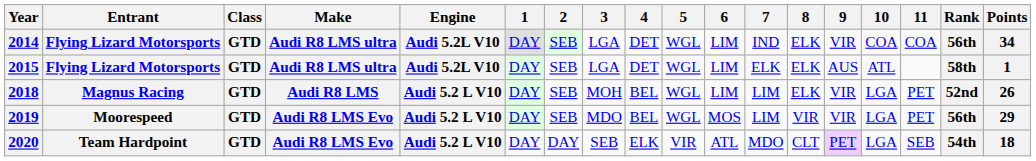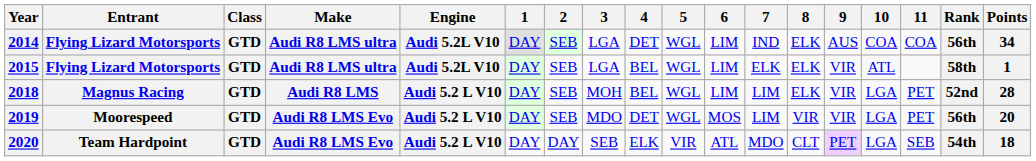 <table class="wikitable" style="text-align:center; font-size:85%">
 <tr>
 <th>Year</th>
 <th>Entrant</th>
 <th>Class</th>
 <th>Make</th>
 <th>Engine</th>
 <th>1</th>
 <th>2</th>
 <th>3</th>
 <th>4</th>
 <th>5</th>
 <th>6</th>
 <th>7</th>
 <th>8</th>
 <th>9</th>
 <th>10</th>
 <th>11</th>
 <th>Rank</th>
 <th>Points</th>
 </tr>
 <tr>
 <th><a href='#'>2014</a></th>
 <th nowrap><a href='#'>Flying Lizard Motorsports</a></th>
 <th>GTD</th>
 <th nowrap><a href='#'>Audi R8 LMS ultra</a></th>
 <th nowrap><a href='#'>Audi</a> 5.2L V10</th>
 <td style="background:#DFDFDF;"><a href='#'>DAY</a><br></td>
 <td style="background:#DFFFDF;"><a href='#'>SEB</a><br></td>
 <td style="background:#;"><a href='#'>LGA</a> <br></td>
 <td style="background:#;"><a href='#'>DET</a> <br></td>
 <td style="background:#;"><a href='#'>WGL</a> <br></td>
 <td style="background:#;"><a href='#'>LIM</a><br></td>
 <td style="background:#;"><a href='#'>IND</a> <br></td>
 <td style="background:#;"><a href='#'>ELK</a><br></td>
-<td style="background:#;"><a href='#'>VIR</a> <br></td>
+<td style="background:#;"><a href='#'>AUS</a><br></td>
 <td style="background:#;"><a href='#'>COA</a><br></td>
 <td style="background:#;"><a href='#'>COA</a><br></td>
 <th>56th</th>
 <th>34</th>
 </tr>
 <tr>
 <th><a href='#'>2015</a></th>
 <th nowrap><a href='#'>Flying Lizard Motorsports</a></th>
 <th>GTD</th>
 <th nowrap><a href='#'>Audi R8 LMS ultra</a></th>
 <th nowrap><a href='#'>Audi</a> 5.2L V10</th>
 <td style="background:#DFFFDF;"><a href='#'>DAY</a><br></td>
 <td style="background:#;"><a href='#'>SEB</a><br></td>
 <td style="background:#;”"><a href='#'>LGA</a><br></td>
-<td style="background:#;"><a href='#'>DET</a><br></td>
+<td style="background:#;"><a href='#'>BEL</a><br></td>
 <td style="background:#;"><a href='#'>WGL</a><br></td>
 <td style="background:#;"><a href='#'>LIM</a><br></td>
 <td style="background:#;"><a href='#'>ELK</a><br></td>
 <td style="background:#;"><a href='#'>ELK</a><br></td>
-<td style="background:#;"><a href='#'>AUS</a><br></td>
+<td style="background:#;"><a href='#'>VIR</a> <br></td>
 <td style="background:#;"><a href='#'>ATL</a><br></td>
 <td></td>
 <th>58th</th>
 <th>1</th>
 </tr>
 <tr>
 <th><a href='#'>2018</a></th>
 <th nowrap><a href='#'>Magnus Racing</a></th>
 <th>GTD</th>
 <th nowrap><a href='#'>Audi R8 LMS</a></th>
 <th nowrap><a href='#'>Audi</a> 5.2 L V10</th>
 <td style="background:#DFFFDF;"><a href='#'>DAY</a><br></td>
 <td style="background:#;"><a href='#'>SEB</a><br></td>
 <td style="background:#;"><a href='#'>MOH</a><br></td>
 <td style="background:#;"><a href='#'>BEL</a><br></td>
 <td style="background:#;"><a href='#'>WGL</a><br></td>
 <td style="background:#;"><a href='#'>LIM</a><br></td>
 <td style="background:#;"><a href='#'>LIM</a><br></td>
 <td style="background:#;"><a href='#'>ELK</a><br></td>
 <td style="background:#;"><a href='#'>VIR</a><br></td>
 <td style="background:#;"><a href='#'>LGA</a><br></td>
 <td style="background:#;"><a href='#'>PET</a><br></td>
 <th>52nd</th>
-<th>26</th>
+<th>28</th>
 </tr>
 <tr>
 <th><a href='#'>2019</a></th>
 <th nowrap>Moorespeed</th>
 <th>GTD</th>
 <th nowrap><a href='#'>Audi R8 LMS Evo</a></th>
 <th nowrap><a href='#'>Audi</a> 5.2 L V10</th>
 <td style="background:#DFFFDF;"><a href='#'>DAY</a><br></td>
 <td style="background:#;"><a href='#'>SEB</a><br></td>
 <td style="background:#;"><a href='#'>MDO</a><br></td>
-<td style="background:#;"><a href='#'>BEL</a><br></td>
+<td style="background:#;"><a href='#'>DET</a><br></td>
 <td style="background:#;"><a href='#'>WGL</a><br></td>
 <td style="background:#;"><a href='#'>MOS</a><br></td>
 <td style="background:#;"><a href='#'>LIM</a><br></td>
 <td style="background:#;"><a href='#'>VIR</a><br></td>
 <td style="background:#;"><a href='#'>VIR</a><br></td>
 <td style="background:#;"><a href='#'>LGA</a><br></td>
 <td style="background:#;"><a href='#'>PET</a><br></td>
 <th>56th</th>
-<th>29</th>
+<th>20</th>
 </tr>
 <tr>
 <th><a href='#'>2020</a></th>
 <th nowrap>Team Hardpoint</th>
 <th>GTD</th>
 <th nowrap><a href='#'>Audi R8 LMS Evo</a></th>
 <th nowrap><a href='#'>Audi</a> 5.2 L V10</th>
 <td><a href='#'>DAY</a></td>
 <td><a href='#'>DAY</a></td>
 <td><a href='#'>SEB</a></td>
 <td><a href='#'>ELK</a></td>
 <td><a href='#'>VIR</a></td>
 <td><a href='#'>ATL</a></td>
 <td><a href='#'>MDO</a></td>
 <td><a href='#'>CLT</a></td>
 <td style="background:#EFCFFF;"><a href='#'>PET</a><br></td>
 <td><a href='#'>LGA</a></td>
 <td><a href='#'>SEB</a></td>
 <th>54th</th>
 <th>18</th>
 </tr>
 </table>
